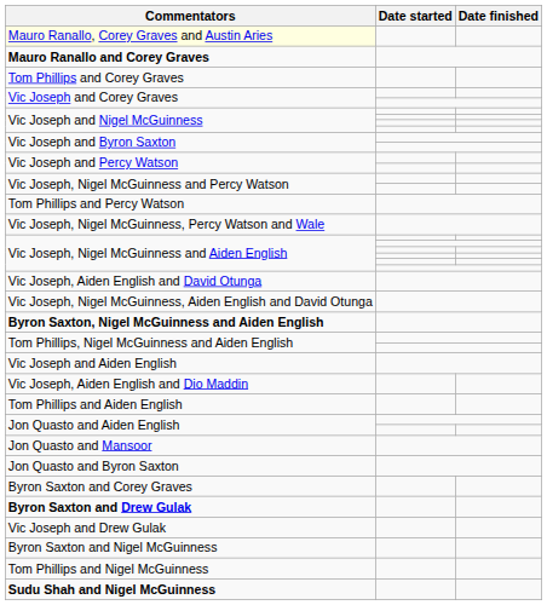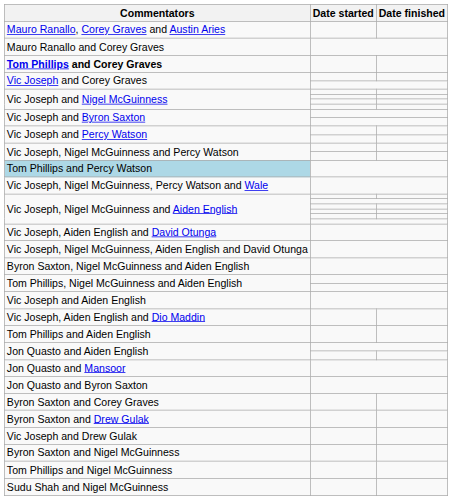 <table class="sortable wikitable" style="font-size:88%; text-align:left;">
 <tr>
 <th>Commentators</th>
 <th>Date started</th>
 <th>Date finished</th>
 </tr>
 <tr>
-<td style="background: lightyellow;"><a href='#'>Mauro Ranallo</a>, <a href='#'>Corey Graves</a> and <a href='#'>Austin Aries</a></td>
+<td><a href='#'>Mauro Ranallo</a>, <a href='#'>Corey Graves</a> and <a href='#'>Austin Aries</a></td>
 <td></td>
 <td></td>
 </tr>
 <tr>
-<td><strong>Mauro Ranallo and Corey Graves</strong></td>
+<td>Mauro Ranallo and Corey Graves</td>
 <td colspan="2"></td>
 </tr>
 <tr>
-<td><a href='#'>Tom Phillips</a> and Corey Graves</td>
+<td><strong><a href='#'>Tom Phillips</a> and Corey Graves</strong></td>
 <td></td>
 <td></td>
 </tr>
 <tr>
 <td rowspan="2"><a href='#'>Vic Joseph</a> and Corey Graves</td>
 <td></td>
 <td></td>
 </tr>
 <tr>
 <td colspan="2"></td>
 </tr>
 <tr>
 <td rowspan="4">Vic Joseph and <a href='#'>Nigel McGuinness</a></td>
 <td></td>
 <td></td>
 </tr>
 <tr>
 <td></td>
 <td></td>
 </tr>
 <tr>
 <td></td>
 <td></td>
 </tr>
 <tr>
 <td></td>
 <td></td>
 </tr>
 <tr>
 <td rowspan="2">Vic Joseph and <a href='#'>Byron Saxton</a></td>
 <td colspan="2"></td>
 </tr>
 <tr>
 <td colspan="3"></td>
 </tr>
 <tr>
 <td rowspan="2">Vic Joseph and <a href='#'>Percy Watson</a></td>
 <td></td>
 <td></td>
 </tr>
 <tr>
 <td></td>
 <td></td>
 </tr>
 <tr>
 <td rowspan="2">Vic Joseph, Nigel McGuinness and Percy Watson</td>
 <td></td>
 <td></td>
 </tr>
 <tr>
 <td></td>
 <td></td>
 </tr>
 <tr>
-<td>Tom Phillips and Percy Watson</td>
+<td style="background: lightblue;">Tom Phillips and Percy Watson</td>
 <td colspan="2"></td>
 </tr>
 <tr>
 <td>Vic Joseph, Nigel McGuinness, Percy Watson and <a href='#'>Wale</a></td>
 <td colspan="2"></td>
 </tr>
 <tr>
 <td rowspan="6">Vic Joseph, Nigel McGuinness and <a href='#'>Aiden English</a></td>
 <td></td>
 <td></td>
 </tr>
 <tr>
 <td colspan="2"></td>
 </tr>
 <tr>
 <td></td>
 <td></td>
 </tr>
 <tr>
 <td></td>
 <td></td>
 </tr>
 <tr>
 <td></td>
 <td></td>
 </tr>
 <tr>
 <td colspan="2"></td>
 </tr>
 <tr>
 <td>Vic Joseph, Aiden English and <a href='#'>David Otunga</a></td>
 <td colspan="2"></td>
 </tr>
 <tr>
 <td>Vic Joseph, Nigel McGuinness, Aiden English and David Otunga</td>
 <td colspan="2"></td>
 </tr>
 <tr>
-<td><strong>Byron Saxton, Nigel McGuinness and Aiden English</strong></td>
+<td>Byron Saxton, Nigel McGuinness and Aiden English</td>
 <td colspan="2"></td>
 </tr>
 <tr>
 <td rowspan="2">Tom Phillips, Nigel McGuinness and Aiden English</td>
 <td colspan="2"></td>
 </tr>
 <tr>
 <td colspan="2"></td>
 </tr>
 <tr>
 <td>Vic Joseph and Aiden English</td>
 <td colspan="2"></td>
 </tr>
 <tr>
 <td>Vic Joseph, Aiden English and <a href='#'>Dio Maddin</a></td>
 <td></td>
 <td></td>
 </tr>
 <tr>
 <td>Tom Phillips and Aiden English</td>
 <td></td>
 <td></td>
 </tr>
 <tr>
 <td rowspan="2">Jon Quasto and Aiden English</td>
 <td colspan="2"></td>
 </tr>
 <tr>
 <td></td>
 <td></td>
 </tr>
 <tr>
 <td>Jon Quasto and <a href='#'>Mansoor</a></td>
 <td colspan="2"></td>
 </tr>
 <tr>
 <td>Jon Quasto and Byron Saxton</td>
 <td colspan="2"></td>
 </tr>
 <tr>
 <td>Byron Saxton and Corey Graves</td>
 <td></td>
 <td></td>
 </tr>
 <tr>
-<td><strong>Byron Saxton and <a href='#'>Drew Gulak</a></strong></td>
+<td>Byron Saxton and <a href='#'>Drew Gulak</a></td>
 <td></td>
 <td></td>
 </tr>
 <tr>
 <td>Vic Joseph and Drew Gulak</td>
 <td></td>
 <td></td>
 </tr>
 <tr>
 <td>Byron Saxton and Nigel McGuinness</td>
 <td></td>
 <td></td>
 </tr>
 <tr>
 <td>Tom Phillips and Nigel McGuinness</td>
 <td></td>
 <td></td>
 </tr>
 <tr>
-<td><strong>Sudu Shah and Nigel McGuinness</strong></td>
+<td>Sudu Shah and Nigel McGuinness</td>
 <td></td>
 <td></td>
 </tr>
 </table>
